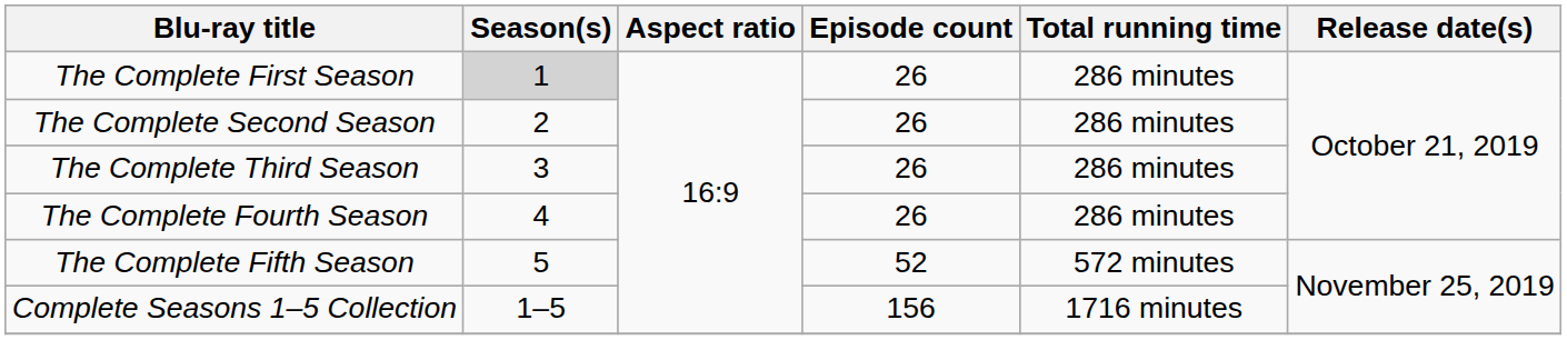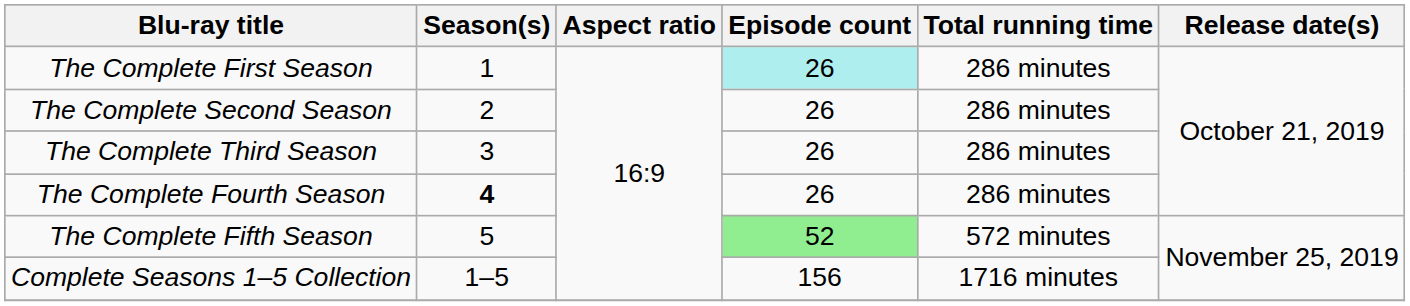 <table class="wikitable sortable" style="text-align:center">
 <tr>
 <th>Blu-ray title</th>
 <th>Season(s)</th>
 <th>Aspect ratio</th>
 <th>Episode count</th>
 <th>Total running time</th>
 <th>Release date(s)</th>
 </tr>
 <tr>
 <td><em>The Complete First Season</em></td>
-<td style="background: lightgrey;">1</td>
+<td>1</td>
 <td rowspan="6">16:9</td>
-<td>26</td>
+<td style="background: paleturquoise;">26</td>
 <td>286 minutes</td>
 <td rowspan="4">October 21, 2019</td>
 </tr>
 <tr>
 <td><em>The Complete Second Season</em></td>
 <td>2</td>
 <td>26</td>
 <td>286 minutes</td>
 </tr>
 <tr>
 <td><em>The Complete Third Season</em></td>
 <td>3</td>
 <td>26</td>
 <td>286 minutes</td>
 </tr>
 <tr>
 <td><em>The Complete Fourth Season</em></td>
-<td>4</td>
+<td><strong>4</strong></td>
 <td>26</td>
 <td>286 minutes</td>
 </tr>
 <tr>
 <td><em>The Complete Fifth Season</em></td>
 <td>5</td>
-<td>52</td>
+<td style="background: lightgreen;">52</td>
 <td>572 minutes</td>
 <td rowspan="2">November 25, 2019</td>
 </tr>
 <tr>
 <td><em>Complete Seasons 1–5 Collection</em></td>
 <td>1–5</td>
 <td>156</td>
 <td>1716 minutes</td>
 </tr>
 <tr>
 </tr>
 </table>
